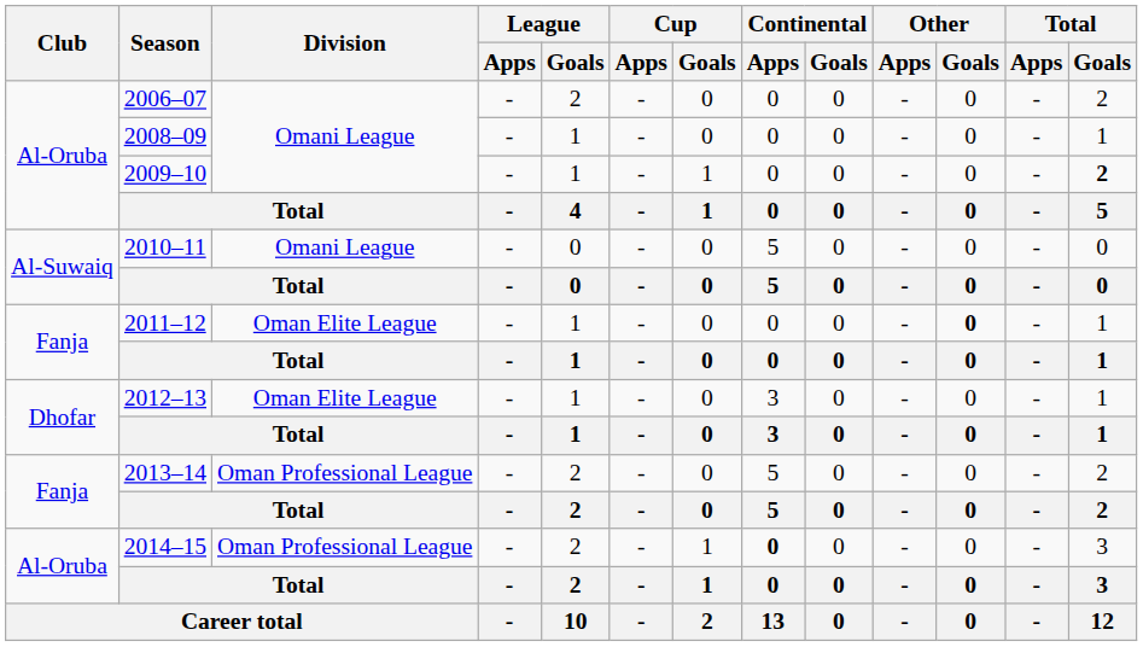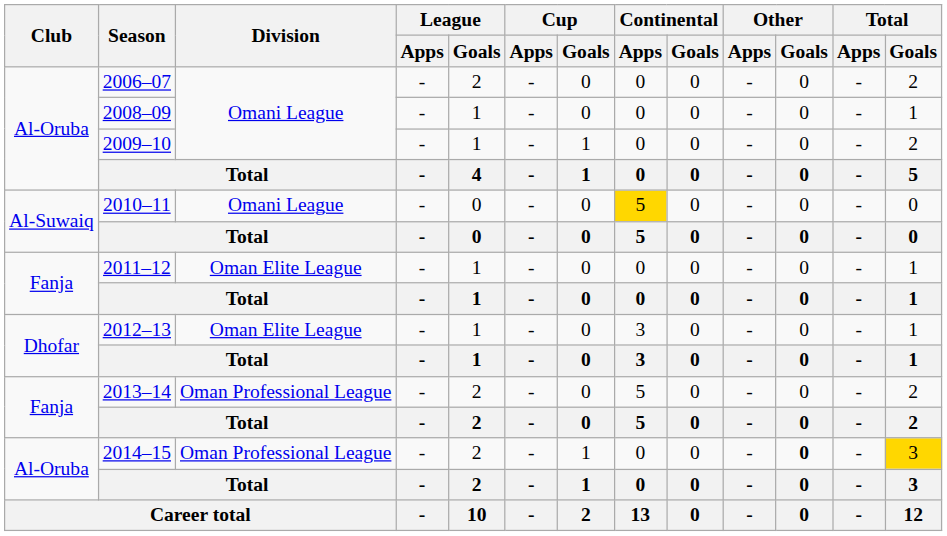 <table class="wikitable" style="text-align: center;">
 <tr>
 <th rowspan="2">Club</th>
 <th rowspan="2">Season</th>
 <th rowspan="2">Division</th>
 <th colspan="2">League</th>
 <th colspan="2">Cup</th>
 <th colspan="2">Continental</th>
 <th colspan="2">Other</th>
 <th colspan="2">Total</th>
 </tr>
 <tr>
 <th>Apps</th>
 <th>Goals</th>
 <th>Apps</th>
 <th>Goals</th>
 <th>Apps</th>
 <th>Goals</th>
 <th>Apps</th>
 <th>Goals</th>
 <th>Apps</th>
 <th>Goals</th>
 </tr>
 <tr>
 <td rowspan="4"><a href='#'>Al-Oruba</a></td>
 <td><a href='#'>2006–07</a></td>
 <td rowspan="3"><a href='#'>Omani League</a></td>
 <td>-</td>
 <td>2</td>
 <td>-</td>
 <td>0</td>
 <td>0</td>
 <td>0</td>
 <td>-</td>
 <td>0</td>
 <td>-</td>
 <td>2</td>
 </tr>
 <tr>
 <td><a href='#'>2008–09</a></td>
 <td>-</td>
 <td>1</td>
 <td>-</td>
 <td>0</td>
 <td>0</td>
 <td>0</td>
 <td>-</td>
 <td>0</td>
 <td>-</td>
 <td>1</td>
 </tr>
 <tr>
 <td><a href='#'>2009–10</a></td>
 <td>-</td>
 <td>1</td>
 <td>-</td>
 <td>1</td>
 <td>0</td>
 <td>0</td>
 <td>-</td>
 <td>0</td>
 <td>-</td>
-<td><strong>2</strong></td>
+<td>2</td>
 </tr>
 <tr>
 <th colspan="2">Total</th>
 <th>-</th>
 <th>4</th>
 <th>-</th>
 <th>1</th>
 <th>0</th>
 <th>0</th>
 <th>-</th>
 <th>0</th>
 <th>-</th>
 <th>5</th>
 </tr>
 <tr>
 <td rowspan="2"><a href='#'>Al-Suwaiq</a></td>
 <td><a href='#'>2010–11</a></td>
 <td rowspan="1"><a href='#'>Omani League</a></td>
 <td>-</td>
 <td>0</td>
 <td>-</td>
 <td>0</td>
-<td>5</td>
+<td style="background: gold;">5</td>
 <td>0</td>
 <td>-</td>
 <td>0</td>
 <td>-</td>
 <td>0</td>
 </tr>
 <tr>
 <th colspan="2">Total</th>
 <th>-</th>
 <th>0</th>
 <th>-</th>
 <th>0</th>
 <th>5</th>
 <th>0</th>
 <th>-</th>
 <th>0</th>
 <th>-</th>
 <th>0</th>
 </tr>
 <tr>
 <td rowspan="2"><a href='#'>Fanja</a></td>
 <td><a href='#'>2011–12</a></td>
 <td rowspan="1"><a href='#'>Oman Elite League</a></td>
 <td>-</td>
 <td>1</td>
 <td>-</td>
 <td>0</td>
 <td>0</td>
 <td>0</td>
 <td>-</td>
-<td><strong>0</strong></td>
+<td>0</td>
 <td>-</td>
 <td>1</td>
 </tr>
 <tr>
 <th colspan="2">Total</th>
 <th>-</th>
 <th>1</th>
 <th>-</th>
 <th>0</th>
 <th>0</th>
 <th>0</th>
 <th>-</th>
 <th>0</th>
 <th>-</th>
 <th>1</th>
 </tr>
 <tr>
 <td rowspan="2"><a href='#'>Dhofar</a></td>
 <td><a href='#'>2012–13</a></td>
 <td rowspan="1"><a href='#'>Oman Elite League</a></td>
 <td>-</td>
 <td>1</td>
 <td>-</td>
 <td>0</td>
 <td>3</td>
 <td>0</td>
 <td>-</td>
 <td>0</td>
 <td>-</td>
 <td>1</td>
 </tr>
 <tr>
 <th colspan="2">Total</th>
 <th>-</th>
 <th>1</th>
 <th>-</th>
 <th>0</th>
 <th>3</th>
 <th>0</th>
 <th>-</th>
 <th>0</th>
 <th>-</th>
 <th>1</th>
 </tr>
 <tr>
 <td rowspan="2"><a href='#'>Fanja</a></td>
 <td><a href='#'>2013–14</a></td>
 <td rowspan="1"><a href='#'>Oman Professional League</a></td>
 <td>-</td>
 <td>2</td>
 <td>-</td>
 <td>0</td>
 <td>5</td>
 <td>0</td>
 <td>-</td>
 <td>0</td>
 <td>-</td>
 <td>2</td>
 </tr>
 <tr>
 <th colspan="2">Total</th>
 <th>-</th>
 <th>2</th>
 <th>-</th>
 <th>0</th>
 <th>5</th>
 <th>0</th>
 <th>-</th>
 <th>0</th>
 <th>-</th>
 <th>2</th>
 </tr>
 <tr>
 <td rowspan="2"><a href='#'>Al-Oruba</a></td>
 <td><a href='#'>2014–15</a></td>
 <td rowspan="1"><a href='#'>Oman Professional League</a></td>
 <td>-</td>
 <td>2</td>
 <td>-</td>
 <td>1</td>
-<td><strong>0</strong></td>
+<td>0</td>
 <td>0</td>
 <td>-</td>
-<td>0</td>
+<td><strong>0</strong></td>
 <td>-</td>
-<td>3</td>
+<td style="background: gold;">3</td>
 </tr>
 <tr>
 <th colspan="2">Total</th>
 <th>-</th>
 <th>2</th>
 <th>-</th>
 <th>1</th>
 <th>0</th>
 <th>0</th>
 <th>-</th>
 <th>0</th>
 <th>-</th>
 <th>3</th>
 </tr>
 <tr>
 <th colspan="3">Career total</th>
 <th>-</th>
 <th>10</th>
 <th>-</th>
 <th>2</th>
 <th>13</th>
 <th>0</th>
 <th>-</th>
 <th>0</th>
 <th>-</th>
 <th>12</th>
 </tr>
 </table>
